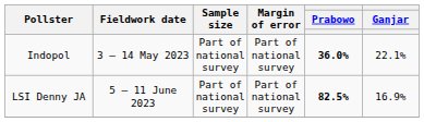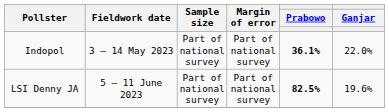 <table class="wikitable" style="text-align:center; font-size:90%; line-height:14px;">
 <tr bgcolor=lightgray>
 <th style="width:95px;" rowspan="3">Pollster</th>
 <th style="width:110px;" rowspan="3">Fieldwork date</th>
 <th style="width:35px;" rowspan="3">Sample size</th>
 <th rowspan="3" style="width:60px;">Margin of error</th>
 <th style="width:60px;"></th>
 <th style="width:60px;"></th>
 </tr>
 <tr>
 <th><a href='#'>Prabowo</a> <br></th>
 <th><a href='#'>Ganjar</a> <br></th>
 </tr>
 <tr>
 <th class="unsortable" style="color:inherit;background:"></th>
 <th class="unsortable" style="color:inherit;background:"></th>
 </tr>
 <tr>
 <td>Indopol</td>
 <td>3 – 14 May 2023</td>
 <td>Part of national survey</td>
 <td>Part of national survey</td>
-<td style="background-color:#"><strong>36.0%</strong></td>
-<td>22.1%</td>
+<td style="background-color:#"><strong>36.1%</strong></td>
+<td>22.0%</td>
 </tr>
 <tr>
 <td>LSI Denny JA</td>
 <td>5 – 11 June 2023</td>
 <td>Part of national survey</td>
 <td>Part of national survey</td>
 <td style="background-color:#"><strong>82.5%</strong></td>
-<td>16.9%</td>
+<td>19.6%</td>
 </tr>
 <tr>
 </tr>
 </table>
